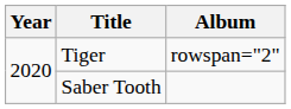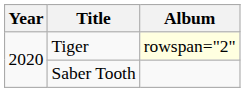 <table class="wikitable">
 <tr>
 <th>Year</th>
 <th>Title</th>
 <th>Album</th>
 </tr>
 <tr>
 <td rowspan="2">2020</td>
 <td>Tiger</td>
-<td>rowspan="2" </td>
+<td style="background: lightyellow;">rowspan="2" </td>
 </tr>
 <tr>
 <td>Saber Tooth</td>
 </tr>
 </table>
